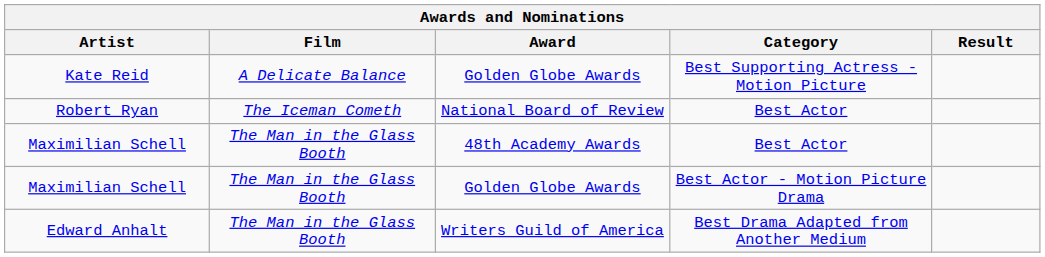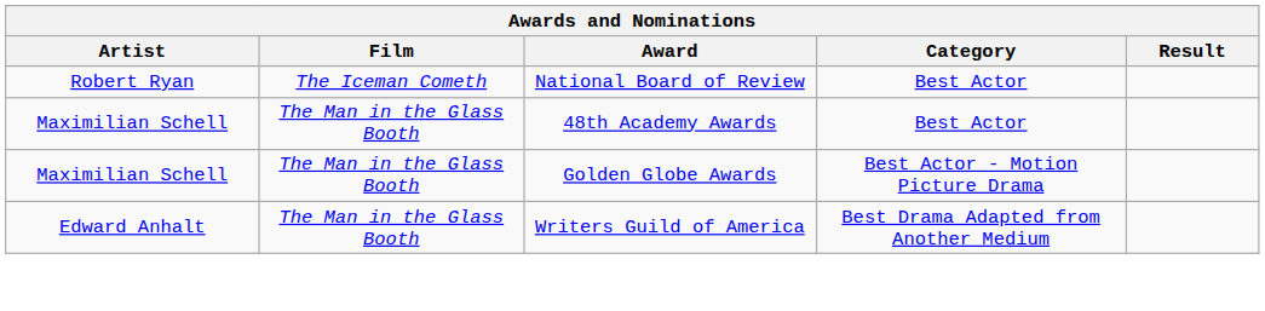 <table class="wikitable">
 <tr>
 <th colspan="5" align="center">Awards and Nominations</th>
 </tr>
 <tr>
 <th scope="col" style="width:28em;">Artist</th>
 <th scope="col" style="width:35em;">Film</th>
 <th scope="col" style="width:37em;">Award</th>
 <th scope="col" style="width:40em;">Category</th>
 <th scope="col" style="width:13em;">Result</th>
-</tr>
-<tr>
-<td align="center"><a href='#'>Kate Reid</a></td>
-<td align="center"><em><a href='#'>A Delicate Balance</a></em></td>
-<td align="center"><a href='#'>Golden Globe Awards</a></td>
-<td align="center"><a href='#'>Best Supporting Actress - Motion Picture</a></td>
-<td></td>
 </tr>
 <tr>
 <td align="center"><a href='#'>Robert Ryan</a></td>
 <td align="center"><em><a href='#'>The Iceman Cometh</a></em></td>
 <td align="center"><a href='#'>National Board of Review</a></td>
 <td align="center"><a href='#'>Best Actor</a></td>
 <td></td>
 </tr>
 <tr>
 <td align="center"><a href='#'>Maximilian Schell</a></td>
 <td align="center"><em><a href='#'>The Man in the Glass Booth</a></em></td>
 <td align="center"><a href='#'>48th Academy Awards</a></td>
 <td align="center"><a href='#'>Best Actor</a></td>
 <td></td>
 </tr>
 <tr>
 <td align="center"><a href='#'>Maximilian Schell</a></td>
 <td align="center"><em><a href='#'>The Man in the Glass Booth</a></em></td>
 <td align="center"><a href='#'>Golden Globe Awards</a></td>
 <td align="center"><a href='#'>Best Actor - Motion Picture Drama</a></td>
 <td></td>
 </tr>
 <tr>
 <td align="center"><a href='#'>Edward Anhalt</a></td>
 <td align="center"><em><a href='#'>The Man in the Glass Booth</a></em></td>
 <td align="center"><a href='#'>Writers Guild of America</a></td>
 <td align="center"><a href='#'>Best Drama Adapted from Another Medium</a></td>
 <td></td>
 </tr>
 </table>
